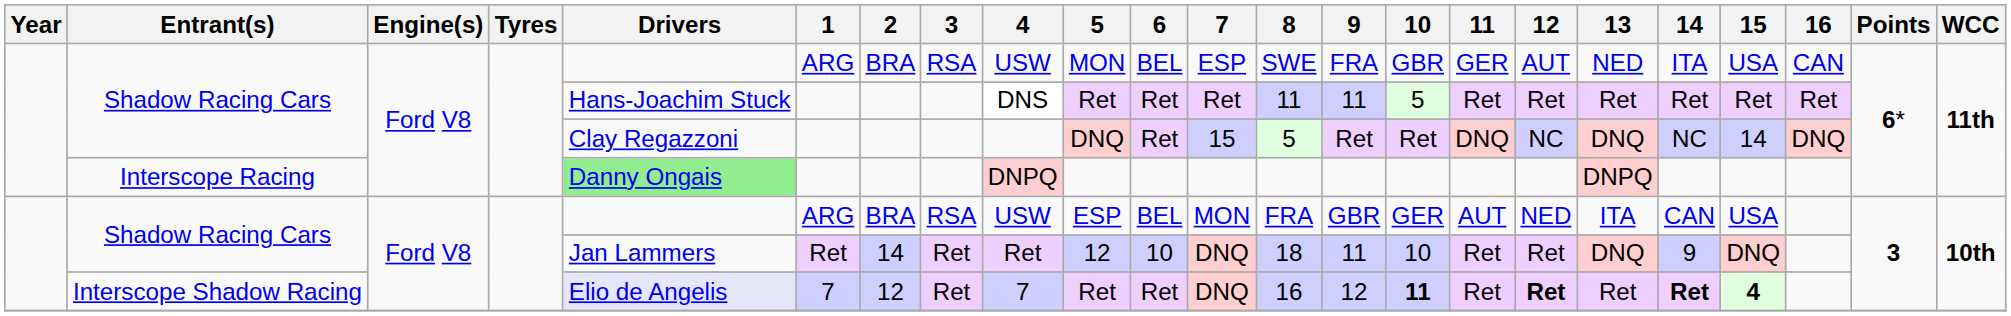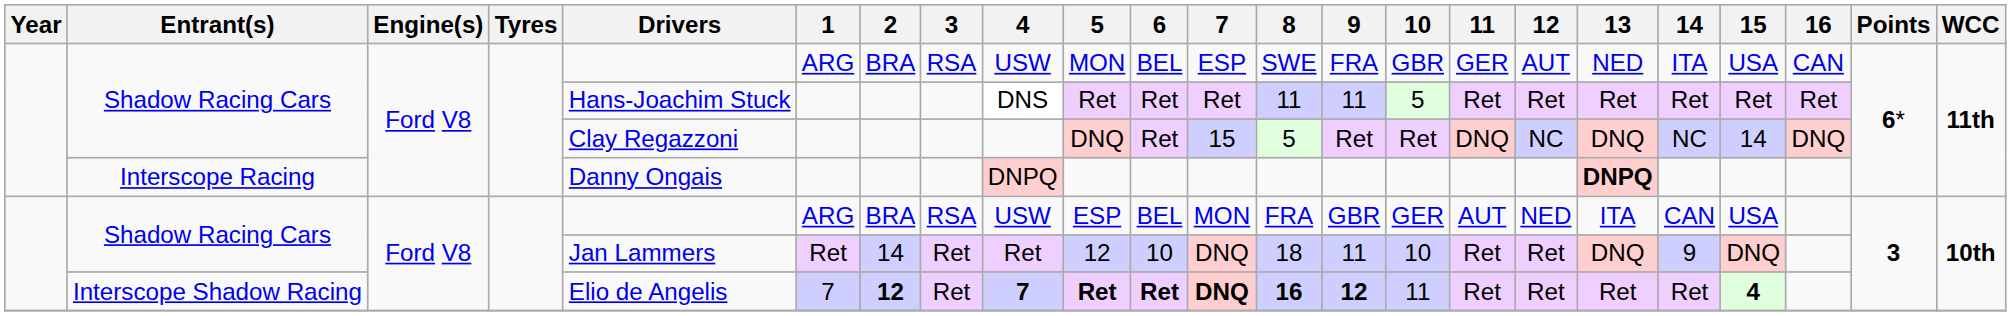 <table class="wikitable" style="text-align:center; font-size:90%">
 <tr>
 <th>Year</th>
 <th>Entrant(s)</th>
 <th>Engine(s)</th>
 <th>Tyres</th>
 <th>Drivers</th>
 <th>1</th>
 <th>2</th>
 <th>3</th>
 <th>4</th>
 <th>5</th>
 <th>6</th>
 <th>7</th>
 <th>8</th>
 <th>9</th>
 <th>10</th>
 <th>11</th>
 <th>12</th>
 <th>13</th>
 <th>14</th>
 <th>15</th>
 <th>16</th>
 <th>Points</th>
 <th>WCC</th>
 </tr>
 <tr>
 <td rowspan="4"></td>
 <td rowspan="3"><a href='#'>Shadow Racing Cars</a></td>
 <td rowspan="4"><a href='#'>Ford</a> <a href='#'>V8</a></td>
 <td rowspan="4"></td>
 <td></td>
 <td><a href='#'>ARG</a></td>
 <td><a href='#'>BRA</a></td>
 <td><a href='#'>RSA</a></td>
 <td><a href='#'>USW</a></td>
 <td><a href='#'>MON</a></td>
 <td><a href='#'>BEL</a></td>
 <td><a href='#'>ESP</a></td>
 <td><a href='#'>SWE</a></td>
 <td><a href='#'>FRA</a></td>
 <td><a href='#'>GBR</a></td>
 <td><a href='#'>GER</a></td>
 <td><a href='#'>AUT</a></td>
 <td><a href='#'>NED</a></td>
 <td><a href='#'>ITA</a></td>
 <td><a href='#'>USA</a></td>
 <td><a href='#'>CAN</a></td>
 <td rowspan="4"><strong>6</strong>*</td>
 <td rowspan="4"><strong>11th</strong></td>
 </tr>
 <tr>
 <td align="left"><a href='#'>Hans-Joachim Stuck</a></td>
 <td></td>
 <td></td>
 <td></td>
 <td style="background:#ffffff;">DNS</td>
 <td style="background:#EFCFFF;">Ret</td>
 <td style="background:#EFCFFF;">Ret</td>
 <td style="background:#EFCFFF;">Ret</td>
 <td style="background:#CFCFFF;">11</td>
 <td style="background:#CFCFFF;">11</td>
 <td style="background:#DFFFDF;">5</td>
 <td style="background:#EFCFFF;">Ret</td>
 <td style="background:#EFCFFF;">Ret</td>
 <td style="background:#EFCFFF;">Ret</td>
 <td style="background:#EFCFFF;">Ret</td>
 <td style="background:#EFCFFF;">Ret</td>
 <td style="background:#EFCFFF;">Ret</td>
 </tr>
 <tr>
 <td align="left"><a href='#'>Clay Regazzoni</a></td>
 <td></td>
 <td></td>
 <td></td>
 <td></td>
 <td style="background:#FFCFCF;">DNQ</td>
 <td style="background:#EFCFFF;">Ret</td>
 <td style="background:#CFCFFF;">15</td>
 <td style="background:#DFFFDF;">5</td>
 <td style="background:#EFCFFF;">Ret</td>
 <td style="background:#EFCFFF;">Ret</td>
 <td style="background:#FFCFCF;">DNQ</td>
 <td style="background:#CFCFFF;">NC</td>
 <td style="background:#FFCFCF;">DNQ</td>
 <td style="background:#CFCFFF;">NC</td>
 <td style="background:#CFCFFF;">14</td>
 <td style="background:#FFCFCF;">DNQ</td>
 </tr>
 <tr>
 <td><a href='#'>Interscope Racing</a></td>
-<td align="left" style="background: lightgreen;"><a href='#'>Danny Ongais</a></td>
+<td align="left"><a href='#'>Danny Ongais</a></td>
 <td></td>
 <td></td>
 <td></td>
 <td style="background:#FFCFCF;">DNPQ</td>
 <td></td>
 <td></td>
 <td></td>
 <td></td>
 <td></td>
 <td></td>
 <td></td>
 <td></td>
-<td style="background:#FFCFCF;">DNPQ</td>
+<td style="background:#FFCFCF;"><strong>DNPQ</strong></td>
 <td></td>
 <td></td>
 <td></td>
 </tr>
 <tr>
 <td rowspan="3"></td>
 <td rowspan="2"><a href='#'>Shadow Racing Cars</a></td>
 <td rowspan="3"><a href='#'>Ford</a> <a href='#'>V8</a></td>
 <td rowspan="3"></td>
 <td></td>
 <td><a href='#'>ARG</a></td>
 <td><a href='#'>BRA</a></td>
 <td><a href='#'>RSA</a></td>
 <td><a href='#'>USW</a></td>
 <td><a href='#'>ESP</a></td>
 <td><a href='#'>BEL</a></td>
 <td><a href='#'>MON</a></td>
 <td><a href='#'>FRA</a></td>
 <td><a href='#'>GBR</a></td>
 <td><a href='#'>GER</a></td>
 <td><a href='#'>AUT</a></td>
 <td><a href='#'>NED</a></td>
 <td><a href='#'>ITA</a></td>
 <td><a href='#'>CAN</a></td>
 <td><a href='#'>USA</a></td>
 <td></td>
 <td rowspan="3"><strong>3</strong></td>
 <td rowspan="3"><strong>10th</strong></td>
 </tr>
 <tr>
 <td align="left"><a href='#'>Jan Lammers</a></td>
 <td style="background:#EFCFFF;">Ret</td>
 <td style="background:#CFCFFF;">14</td>
 <td style="background:#EFCFFF;">Ret</td>
 <td style="background:#EFCFFF;">Ret</td>
 <td style="background:#CFCFFF;">12</td>
 <td style="background:#CFCFFF;">10</td>
 <td style="background:#FFCFCF;">DNQ</td>
 <td style="background:#CFCFFF;">18</td>
 <td style="background:#CFCFFF;">11</td>
 <td style="background:#CFCFFF;">10</td>
 <td style="background:#EFCFFF;">Ret</td>
 <td style="background:#EFCFFF;">Ret</td>
 <td style="background:#FFCFCF;">DNQ</td>
 <td style="background:#CFCFFF;">9</td>
 <td style="background:#FFCFCF;">DNQ</td>
 <td></td>
 </tr>
 <tr>
 <td><a href='#'>Interscope Shadow Racing</a></td>
-<td align="left" style="background: lavender;"><a href='#'>Elio de Angelis</a></td>
+<td align="left"><a href='#'>Elio de Angelis</a></td>
 <td style="background:#CFCFFF;">7</td>
-<td style="background:#CFCFFF;">12</td>
+<td style="background:#CFCFFF;"><strong>12</strong></td>
 <td style="background:#EFCFFF;">Ret</td>
-<td style="background:#CFCFFF;">7</td>
+<td style="background:#CFCFFF;"><strong>7</strong></td>
+<td style="background:#EFCFFF;"><strong>Ret</strong></td>
+<td style="background:#EFCFFF;"><strong>Ret</strong></td>
+<td style="background:#FFCFCF;"><strong>DNQ</strong></td>
+<td style="background:#CFCFFF;"><strong>16</strong></td>
+<td style="background:#CFCFFF;"><strong>12</strong></td>
+<td style="background:#CFCFFF;">11</td>
 <td style="background:#EFCFFF;">Ret</td>
 <td style="background:#EFCFFF;">Ret</td>
-<td style="background:#FFCFCF;">DNQ</td>
-<td style="background:#CFCFFF;">16</td>
-<td style="background:#CFCFFF;">12</td>
-<td style="background:#CFCFFF;"><strong>11</strong></td>
 <td style="background:#EFCFFF;">Ret</td>
-<td style="background:#EFCFFF;"><strong>Ret</strong></td>
 <td style="background:#EFCFFF;">Ret</td>
-<td style="background:#EFCFFF;"><strong>Ret</strong></td>
 <td style="background:#DFFFDF;"><strong>4</strong></td>
 <td></td>
 </tr>
 <tr>
 </tr>
 </table>
